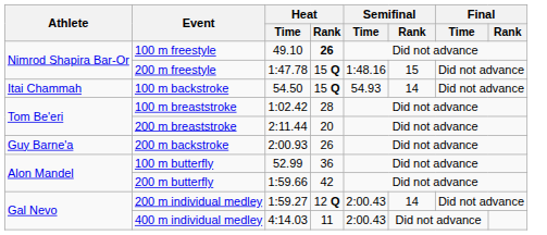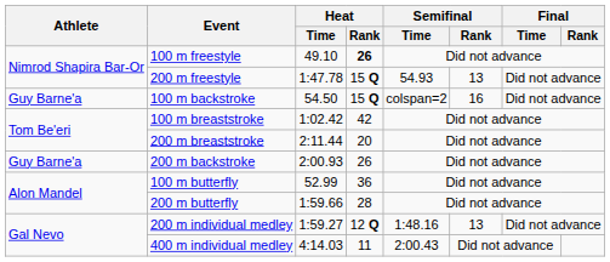 <table class=wikitable style="font-size:90%">
 <tr>
 <th rowspan="2">Athlete</th>
 <th rowspan="2">Event</th>
 <th colspan="2">Heat</th>
 <th colspan="2">Semifinal</th>
 <th colspan="2">Final</th>
 </tr>
 <tr style="font-size:95%">
 <th>Time</th>
 <th>Rank</th>
 <th>Time</th>
 <th>Rank</th>
 <th>Time</th>
 <th>Rank</th>
 </tr>
 <tr align=center>
 <td align=left rowspan=2><a href='#'>Nimrod Shapira Bar-Or</a></td>
 <td align=left><a href='#'>100 m freestyle</a></td>
 <td>49.10</td>
 <td><strong>26</strong></td>
 <td colspan=4>Did not advance</td>
 </tr>
 <tr align=center>
 <td align=left><a href='#'>200 m freestyle</a></td>
 <td>1:47.78</td>
 <td>15 <strong>Q</strong></td>
-<td>1:48.16</td>
-<td>15</td>
+<td>54.93</td>
+<td>13</td>
 <td colspan=2>Did not advance</td>
 </tr>
 <tr align=center>
-<td align=left><a href='#'>Itai Chammah</a></td>
+<td align=left><a href='#'>Guy Barne'a</a></td>
 <td align=left><a href='#'>100 m backstroke</a></td>
 <td>54.50</td>
 <td>15 <strong>Q</strong></td>
-<td>54.93</td>
-<td>14</td>
+<td>colspan=2 </td>
+<td>16</td>
 <td colspan=2>Did not advance</td>
 </tr>
 <tr align=center>
 <td align=left rowspan=2><a href='#'>Tom Be'eri</a></td>
 <td align=left><a href='#'>100 m breaststroke</a></td>
 <td>1:02.42</td>
-<td>28</td>
+<td>42</td>
 <td colspan=4>Did not advance</td>
 </tr>
 <tr align=center>
 <td align=left><a href='#'>200 m breaststroke</a></td>
 <td>2:11.44</td>
 <td>20</td>
 <td colspan=4>Did not advance</td>
 </tr>
 <tr align=center>
 <td align=left><a href='#'>Guy Barne'a</a></td>
 <td align=left><a href='#'>200 m backstroke</a></td>
 <td>2:00.93</td>
 <td>26</td>
 <td colspan=4>Did not advance</td>
 </tr>
 <tr align=center>
 <td align=left rowspan=2><a href='#'>Alon Mandel</a></td>
 <td align=left><a href='#'>100 m butterfly</a></td>
 <td>52.99</td>
 <td>36</td>
 <td colspan=4>Did not advance</td>
 </tr>
 <tr align=center>
 <td align=left><a href='#'>200 m butterfly</a></td>
 <td>1:59.66</td>
-<td>42</td>
+<td>28</td>
 <td colspan=4>Did not advance</td>
 </tr>
 <tr align=center>
 <td align=left rowspan=2><a href='#'>Gal Nevo</a></td>
 <td align=left><a href='#'>200 m individual medley</a></td>
 <td>1:59.27</td>
 <td>12 <strong>Q</strong></td>
-<td>2:00.43</td>
-<td>14</td>
+<td>1:48.16</td>
+<td>13</td>
 <td colspan=2>Did not advance</td>
 </tr>
 <tr align=center>
 <td align=left><a href='#'>400 m individual medley</a></td>
 <td>4:14.03</td>
 <td>11</td>
 <td>2:00.43</td>
 <td colspan=2>Did not advance</td>
 </tr>
 </table>
